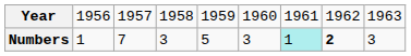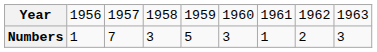 <table class="wikitable" summary="The table is organized with two rows giving the year and numbers of locomotives withdrawn.">
 <tr>
 <th>Year</th>
 <td>1956</td>
 <td>1957</td>
 <td>1958</td>
 <td>1959</td>
 <td>1960</td>
 <td>1961</td>
 <td>1962</td>
 <td>1963<br></td>
 </tr>
 <tr>
 <th>Numbers</th>
 <td>1</td>
 <td>7</td>
 <td>3</td>
 <td>5</td>
 <td>3</td>
-<td style="background: paleturquoise;">1</td>
-<td><strong>2</strong></td>
+<td>1</td>
+<td>2</td>
 <td>3</td>
 </tr>
 </table>
